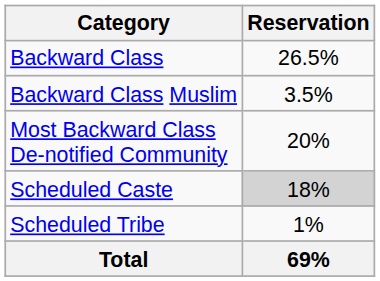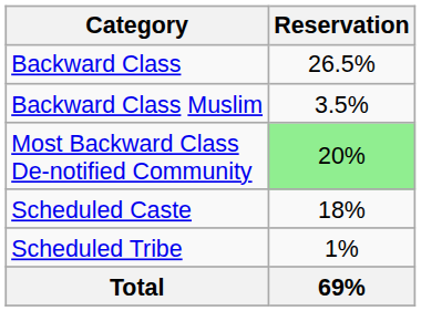 <table class="wikitable" style="float:right; font-size: 80%">
 <tr>
 <th>Category</th>
 <th>Reservation</th>
 </tr>
 <tr>
 <td><a href='#'>Backward Class</a></td>
 <td style="text-align:center">26.5%</td>
 </tr>
 <tr>
 <td><a href='#'>Backward Class</a> <a href='#'>Muslim</a></td>
 <td style="text-align:center">3.5%</td>
 </tr>
 <tr>
 <td><a href='#'>Most Backward Class</a> <br> <a href='#'>De-notified Community</a></td>
-<td style="text-align:center">20%</td>
+<td style="background: lightgreen; text-align:center">20%</td>
 </tr>
 <tr>
 <td><a href='#'>Scheduled Caste</a></td>
-<td style="background: lightgrey; text-align:center">18%</td>
+<td style="text-align:center">18%</td>
 </tr>
 <tr>
 <td><a href='#'>Scheduled Tribe</a></td>
 <td style="text-align:center">1%</td>
 </tr>
 <tr>
 <th>Total</th>
 <th>69%</th>
 </tr>
 </table>
